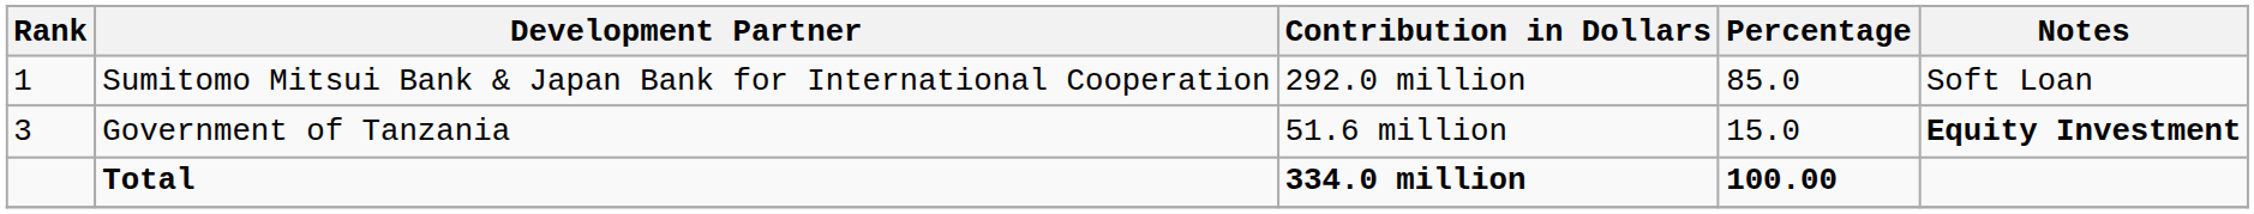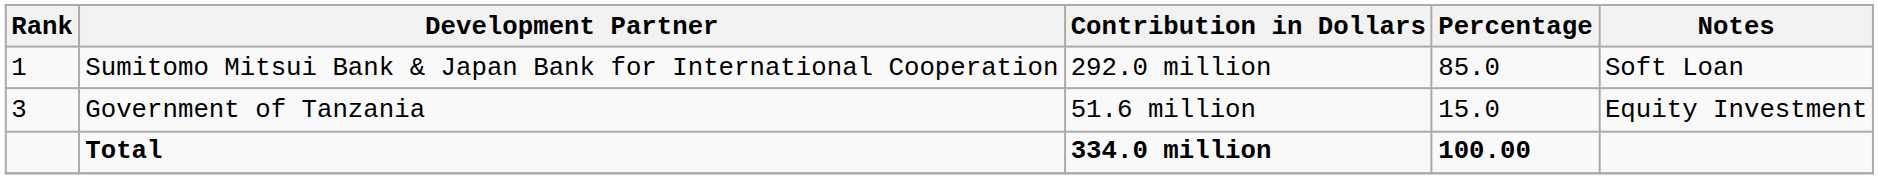 <table class="wikitable sortable" style="margin: 0.5em auto">
 <tr>
 <th>Rank</th>
 <th>Development Partner</th>
 <th>Contribution in Dollars</th>
 <th>Percentage</th>
 <th>Notes</th>
 </tr>
 <tr>
 <td>1</td>
 <td>Sumitomo Mitsui Bank & Japan Bank for International Cooperation</td>
 <td>292.0 million</td>
 <td>85.0</td>
 <td>Soft Loan</td>
 </tr>
 <tr>
 <td>3</td>
 <td>Government of Tanzania</td>
 <td>51.6 million</td>
 <td>15.0</td>
-<td><strong>Equity Investment</strong></td>
+<td>Equity Investment</td>
 </tr>
 <tr>
 <td></td>
 <td><strong>Total</strong></td>
 <td><strong>334.0 million</strong></td>
 <td><strong>100.00</strong></td>
 <td></td>
 </tr>
 <tr>
 </tr>
 </table>
